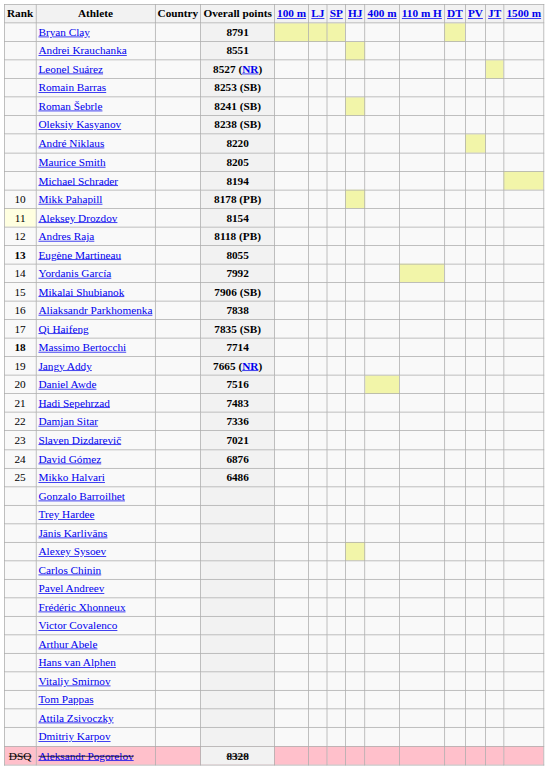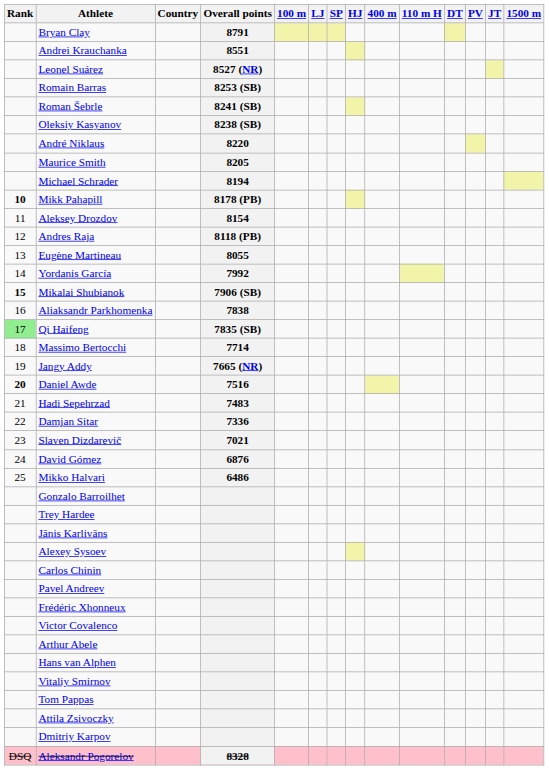 <table class="wikitable sortable" style="font-size:95%;">
 <tr>
 <th>Rank</th>
 <th>Athlete</th>
 <th>Country</th>
 <th>Overall points</th>
 <th><a href='#'>100 m</a></th>
 <th><a href='#'>LJ</a></th>
 <th><a href='#'>SP</a></th>
 <th><a href='#'>HJ</a></th>
 <th><a href='#'>400 m</a></th>
 <th><a href='#'>110 m H</a></th>
 <th><a href='#'>DT</a></th>
 <th><a href='#'>PV</a></th>
 <th><a href='#'>JT</a></th>
 <th><a href='#'>1500 m</a></th>
 </tr>
 <tr>
 <td align=center></td>
 <td><a href='#'>Bryan Clay</a></td>
 <td></td>
 <th>8791</th>
 <td bgcolor=#F2F5A9></td>
 <td bgcolor=#F2F5A9></td>
 <td bgcolor=#F2F5A9></td>
 <td></td>
 <td></td>
 <td></td>
 <td bgcolor=#F2F5A9></td>
 <td></td>
 <td></td>
 <td></td>
 </tr>
 <tr>
 <td align=center></td>
 <td><a href='#'>Andrei Krauchanka</a></td>
 <td></td>
 <th>8551</th>
 <td></td>
 <td></td>
 <td></td>
 <td bgcolor=#F2F5A9></td>
 <td></td>
 <td></td>
 <td></td>
 <td></td>
 <td></td>
 <td></td>
 </tr>
 <tr>
 <td align=center></td>
 <td><a href='#'>Leonel Suárez</a></td>
 <td></td>
 <th>8527 (<a href='#'>NR</a>)</th>
 <td></td>
 <td></td>
 <td></td>
 <td></td>
 <td></td>
 <td></td>
 <td></td>
 <td></td>
 <td bgcolor=#F2F5A9></td>
 <td></td>
 </tr>
 <tr>
 <td align=center></td>
 <td><a href='#'>Romain Barras</a></td>
 <td></td>
 <th>8253 (SB)</th>
 <td></td>
 <td></td>
 <td></td>
 <td></td>
 <td></td>
 <td></td>
 <td></td>
 <td></td>
 <td></td>
 <td></td>
 </tr>
 <tr>
 <td align=center></td>
 <td><a href='#'>Roman Šebrle</a></td>
 <td></td>
 <th>8241 (SB)</th>
 <td></td>
 <td></td>
 <td></td>
 <td bgcolor=#F2F5A9></td>
 <td></td>
 <td></td>
 <td></td>
 <td></td>
 <td></td>
 <td></td>
 </tr>
 <tr>
 <td align=center></td>
 <td><a href='#'>Oleksiy Kasyanov</a></td>
 <td></td>
 <th>8238 (SB)</th>
 <td></td>
 <td></td>
 <td></td>
 <td></td>
 <td></td>
 <td></td>
 <td></td>
 <td></td>
 <td></td>
 <td></td>
 </tr>
 <tr>
 <td align=center></td>
 <td><a href='#'>André Niklaus</a></td>
 <td></td>
 <th>8220</th>
 <td></td>
 <td></td>
 <td></td>
 <td></td>
 <td></td>
 <td></td>
 <td></td>
 <td bgcolor=#F2F5A9></td>
 <td></td>
 <td></td>
 </tr>
 <tr>
 <td align=center></td>
 <td><a href='#'> Maurice Smith</a></td>
 <td></td>
 <th>8205</th>
 <td></td>
 <td></td>
 <td></td>
 <td></td>
 <td></td>
 <td></td>
 <td></td>
 <td></td>
 <td></td>
 <td></td>
 </tr>
 <tr>
 <td align=center></td>
 <td><a href='#'>Michael Schrader</a></td>
 <td></td>
 <th>8194</th>
 <td></td>
 <td></td>
 <td></td>
 <td></td>
 <td></td>
 <td></td>
 <td></td>
 <td></td>
 <td></td>
 <td bgcolor=#F2F5A9></td>
 </tr>
 <tr>
-<td align=center>10</td>
+<td align=center><strong>10</strong></td>
 <td><a href='#'>Mikk Pahapill</a></td>
 <td></td>
 <th>8178 (PB)</th>
 <td></td>
 <td></td>
 <td></td>
 <td bgcolor=#F2F5A9></td>
 <td></td>
 <td></td>
 <td></td>
 <td></td>
 <td></td>
 <td></td>
 </tr>
 <tr>
-<td align=center style="background: lightyellow;">11</td>
+<td align=center>11</td>
 <td><a href='#'>Aleksey Drozdov</a></td>
 <td></td>
 <th>8154</th>
 <td></td>
 <td></td>
 <td></td>
 <td></td>
 <td></td>
 <td></td>
 <td></td>
 <td></td>
 <td></td>
 <td></td>
 </tr>
 <tr>
 <td align=center>12</td>
 <td><a href='#'>Andres Raja</a></td>
 <td></td>
 <th>8118 (PB)</th>
 <td></td>
 <td></td>
 <td></td>
 <td></td>
 <td></td>
 <td></td>
 <td></td>
 <td></td>
 <td></td>
 <td></td>
 </tr>
 <tr>
-<td align=center><strong>13</strong></td>
+<td align=center>13</td>
 <td><a href='#'> Eugène Martineau</a></td>
 <td></td>
 <th>8055</th>
 <td></td>
 <td></td>
 <td></td>
 <td></td>
 <td></td>
 <td></td>
 <td></td>
 <td></td>
 <td></td>
 <td></td>
 </tr>
 <tr>
 <td align=center>14</td>
 <td><a href='#'>Yordanis García</a></td>
 <td></td>
 <th>7992</th>
 <td></td>
 <td></td>
 <td></td>
 <td></td>
 <td></td>
 <td bgcolor=#F2F5A9></td>
 <td></td>
 <td></td>
 <td></td>
 <td></td>
 </tr>
 <tr>
-<td align=center>15</td>
+<td align=center><strong>15</strong></td>
 <td><a href='#'>Mikalai Shubianok</a></td>
 <td></td>
 <th>7906 (SB)</th>
 <td></td>
 <td></td>
 <td></td>
 <td></td>
 <td></td>
 <td></td>
 <td></td>
 <td></td>
 <td></td>
 <td></td>
 </tr>
 <tr>
 <td align=center>16</td>
 <td><a href='#'>Aliaksandr Parkhomenka</a></td>
 <td></td>
 <th>7838</th>
 <td></td>
 <td></td>
 <td></td>
 <td></td>
 <td></td>
 <td></td>
 <td></td>
 <td></td>
 <td></td>
 <td></td>
 </tr>
 <tr>
-<td align=center>17</td>
+<td align=center style="background: lightgreen;">17</td>
 <td><a href='#'>Qi Haifeng</a></td>
 <td></td>
 <th>7835 (SB)</th>
 <td></td>
 <td></td>
 <td></td>
 <td></td>
 <td></td>
 <td></td>
 <td></td>
 <td></td>
 <td></td>
 <td></td>
 </tr>
 <tr>
-<td align=center><strong>18</strong></td>
+<td align=center>18</td>
 <td><a href='#'>Massimo Bertocchi</a></td>
 <td></td>
 <th>7714</th>
 <td></td>
 <td></td>
 <td></td>
 <td></td>
 <td></td>
 <td></td>
 <td></td>
 <td></td>
 <td></td>
 <td></td>
 </tr>
 <tr>
 <td align=center>19</td>
 <td><a href='#'>Jangy Addy</a></td>
 <td></td>
 <th>7665 (<a href='#'>NR</a>)</th>
 <td></td>
 <td></td>
 <td></td>
 <td></td>
 <td></td>
 <td></td>
 <td></td>
 <td></td>
 <td></td>
 <td></td>
 </tr>
 <tr>
-<td align=center>20</td>
+<td align=center><strong>20</strong></td>
 <td><a href='#'>Daniel Awde</a></td>
 <td></td>
 <th>7516</th>
 <td></td>
 <td></td>
 <td></td>
 <td></td>
 <td bgcolor=#F2F5A9></td>
 <td></td>
 <td></td>
 <td></td>
 <td></td>
 <td></td>
 </tr>
 <tr>
 <td align=center>21</td>
 <td><a href='#'>Hadi Sepehrzad</a></td>
 <td></td>
 <th>7483</th>
 <td></td>
 <td></td>
 <td></td>
 <td></td>
 <td></td>
 <td></td>
 <td></td>
 <td></td>
 <td></td>
 <td></td>
 </tr>
 <tr>
 <td align=center>22</td>
 <td><a href='#'>Damjan Sitar</a></td>
 <td></td>
 <th>7336</th>
 <td></td>
 <td></td>
 <td></td>
 <td></td>
 <td></td>
 <td></td>
 <td></td>
 <td></td>
 <td></td>
 <td></td>
 </tr>
 <tr>
 <td align=center>23</td>
 <td><a href='#'>Slaven Dizdarevič</a></td>
 <td></td>
 <th>7021</th>
 <td></td>
 <td></td>
 <td></td>
 <td></td>
 <td></td>
 <td></td>
 <td></td>
 <td></td>
 <td></td>
 <td></td>
 </tr>
 <tr>
 <td align=center>24</td>
 <td><a href='#'>David Gómez</a></td>
 <td></td>
 <th>6876</th>
 <td></td>
 <td></td>
 <td></td>
 <td></td>
 <td></td>
 <td></td>
 <td></td>
 <td></td>
 <td></td>
 <td></td>
 </tr>
 <tr>
 <td align=center>25</td>
 <td><a href='#'>Mikko Halvari</a></td>
 <td></td>
 <th>6486</th>
 <td></td>
 <td></td>
 <td></td>
 <td></td>
 <td></td>
 <td></td>
 <td></td>
 <td></td>
 <td></td>
 <td></td>
 </tr>
 <tr>
 <td></td>
 <td><a href='#'>Gonzalo Barroilhet</a></td>
 <td></td>
 <th></th>
 <td></td>
 <td></td>
 <td></td>
 <td></td>
 <td></td>
 <td></td>
 <td></td>
 <td></td>
 <td></td>
 <td></td>
 </tr>
 <tr>
 <td></td>
 <td><a href='#'>Trey Hardee</a></td>
 <td></td>
 <th></th>
 <td></td>
 <td></td>
 <td></td>
 <td></td>
 <td></td>
 <td></td>
 <td></td>
 <td></td>
 <td></td>
 <td></td>
 </tr>
 <tr>
 <td></td>
 <td><a href='#'>Jānis Karlivāns</a></td>
 <td></td>
 <th></th>
 <td></td>
 <td></td>
 <td></td>
 <td></td>
 <td></td>
 <td></td>
 <td></td>
 <td></td>
 <td></td>
 <td></td>
 </tr>
 <tr>
 <td></td>
 <td><a href='#'>Alexey Sysoev</a></td>
 <td></td>
 <th></th>
 <td></td>
 <td></td>
 <td></td>
 <td bgcolor=#F2F5A9></td>
 <td></td>
 <td></td>
 <td></td>
 <td></td>
 <td></td>
 <td></td>
 </tr>
 <tr>
 <td></td>
 <td><a href='#'>Carlos Chinin</a></td>
 <td></td>
 <th></th>
 <td></td>
 <td></td>
 <td></td>
 <td></td>
 <td></td>
 <td></td>
 <td></td>
 <td></td>
 <td></td>
 <td></td>
 </tr>
 <tr>
 <td></td>
 <td><a href='#'>Pavel Andreev</a></td>
 <td></td>
 <th></th>
 <td></td>
 <td></td>
 <td></td>
 <td></td>
 <td></td>
 <td></td>
 <td></td>
 <td></td>
 <td></td>
 <td></td>
 </tr>
 <tr>
 <td></td>
 <td><a href='#'>Frédéric Xhonneux</a></td>
 <td></td>
 <th></th>
 <td></td>
 <td></td>
 <td></td>
 <td></td>
 <td></td>
 <td></td>
 <td></td>
 <td></td>
 <td></td>
 <td></td>
 </tr>
 <tr>
 <td></td>
 <td><a href='#'>Victor Covalenco</a></td>
 <td></td>
 <th></th>
 <td></td>
 <td></td>
 <td></td>
 <td></td>
 <td></td>
 <td></td>
 <td></td>
 <td></td>
 <td></td>
 <td></td>
 </tr>
 <tr>
 <td></td>
 <td><a href='#'>Arthur Abele</a></td>
 <td></td>
 <th></th>
 <td></td>
 <td></td>
 <td></td>
 <td></td>
 <td></td>
 <td></td>
 <td></td>
 <td></td>
 <td></td>
 <td></td>
 </tr>
 <tr>
 <td></td>
 <td><a href='#'>Hans van Alphen</a></td>
 <td></td>
 <th></th>
 <td></td>
 <td></td>
 <td></td>
 <td></td>
 <td></td>
 <td></td>
 <td></td>
 <td></td>
 <td></td>
 <td></td>
 </tr>
 <tr>
 <td></td>
 <td><a href='#'>Vitaliy Smirnov</a></td>
 <td></td>
 <th></th>
 <td></td>
 <td></td>
 <td></td>
 <td></td>
 <td></td>
 <td></td>
 <td></td>
 <td></td>
 <td></td>
 <td></td>
 </tr>
 <tr>
 <td></td>
 <td><a href='#'>Tom Pappas</a></td>
 <td></td>
 <th></th>
 <td></td>
 <td></td>
 <td></td>
 <td></td>
 <td></td>
 <td></td>
 <td></td>
 <td></td>
 <td></td>
 <td></td>
 </tr>
 <tr>
 <td></td>
 <td><a href='#'>Attila Zsivoczky</a></td>
 <td></td>
 <th></th>
 <td></td>
 <td></td>
 <td></td>
 <td></td>
 <td></td>
 <td></td>
 <td></td>
 <td></td>
 <td></td>
 <td></td>
 </tr>
 <tr>
 <td></td>
 <td><a href='#'>Dmitriy Karpov</a></td>
 <td></td>
 <th></th>
 <td></td>
 <td></td>
 <td></td>
 <td></td>
 <td></td>
 <td></td>
 <td></td>
 <td></td>
 <td></td>
 <td></td>
 </tr>
 <tr style='text-decoration: line-through; background-color:pink;'>
 <td style='text-decoration: none;' align=center>DSQ</td>
 <td style='text-decoration: none;'><a href='#'>Aleksandr Pogorelov</a></td>
 <td></td>
 <th>8328</th>
 <td></td>
 <td></td>
 <td></td>
 <td></td>
 <td></td>
 <td></td>
 <td></td>
 <td></td>
 <td></td>
 <td></td>
 </tr>
 </table>
